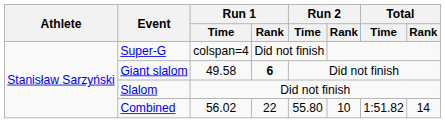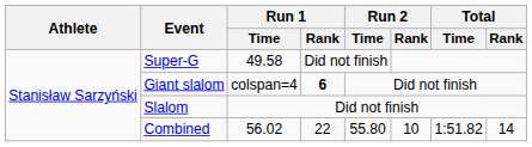 <table class="wikitable" style="font-size:90%">
 <tr>
 <th rowspan=2>Athlete</th>
 <th rowspan=2>Event</th>
 <th colspan=2>Run 1</th>
 <th colspan=2>Run 2</th>
 <th colspan=2>Total</th>
 </tr>
 <tr style="font-size:95%">
 <th>Time</th>
 <th>Rank</th>
 <th>Time</th>
 <th>Rank</th>
 <th>Time</th>
 <th>Rank</th>
 </tr>
 <tr align=center>
 <td align="left" rowspan="4"><a href='#'>Stanisław Sarzyński</a></td>
 <td align="left"><a href='#'>Super-G</a></td>
-<td>colspan=4</td>
+<td>49.58</td>
 <td colspan=2>Did not finish</td>
 </tr>
 <tr align=center>
 <td align="left"><a href='#'>Giant slalom</a></td>
-<td>49.58</td>
+<td>colspan=4</td>
 <td><strong>6</strong></td>
 <td colspan=4>Did not finish</td>
 </tr>
 <tr align=center>
 <td align="left"><a href='#'>Slalom</a></td>
 <td colspan=6>Did not finish</td>
 </tr>
 <tr align=center>
 <td align="left"><a href='#'>Combined</a></td>
 <td>56.02</td>
 <td>22</td>
 <td>55.80</td>
 <td>10</td>
 <td>1:51.82</td>
 <td>14</td>
 </tr>
 </table>
